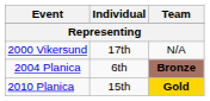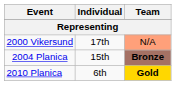 <table class="wikitable" style="text-align: center; text-align: center; href:2005–06 FIS Ski Jumping World Cup">
 <tr>
 <th>Event</th>
 <th style="width:70px;">Individual</th>
 <th style="width:70px;">Team</th>
 </tr>
 <tr style="width:70px;" |Team>
 </tr>
 <tr>
 <th colspan="5">Representing </th>
 </tr>
 <tr>
 <td> <a href='#'>2000 Vikersund</a></td>
 <td>17th</td>
-<td>N/A</td>
+<td style="background: lightsalmon;">N/A</td>
 </tr>
 <tr>
 <td> <a href='#'>2004 Planica</a></td>
-<td>6th</td>
+<td>15th</td>
 <td style="background:#A57164; width:70px;"><strong>Bronze</strong></td>
 </tr>
 <tr>
 <td align="left"> <a href='#'>2010 Planica</a></td>
-<td>15th</td>
+<td>6th</td>
 <td style="background:gold; width:70px;"><strong>Gold</strong></td>
 </tr>
 </table>
